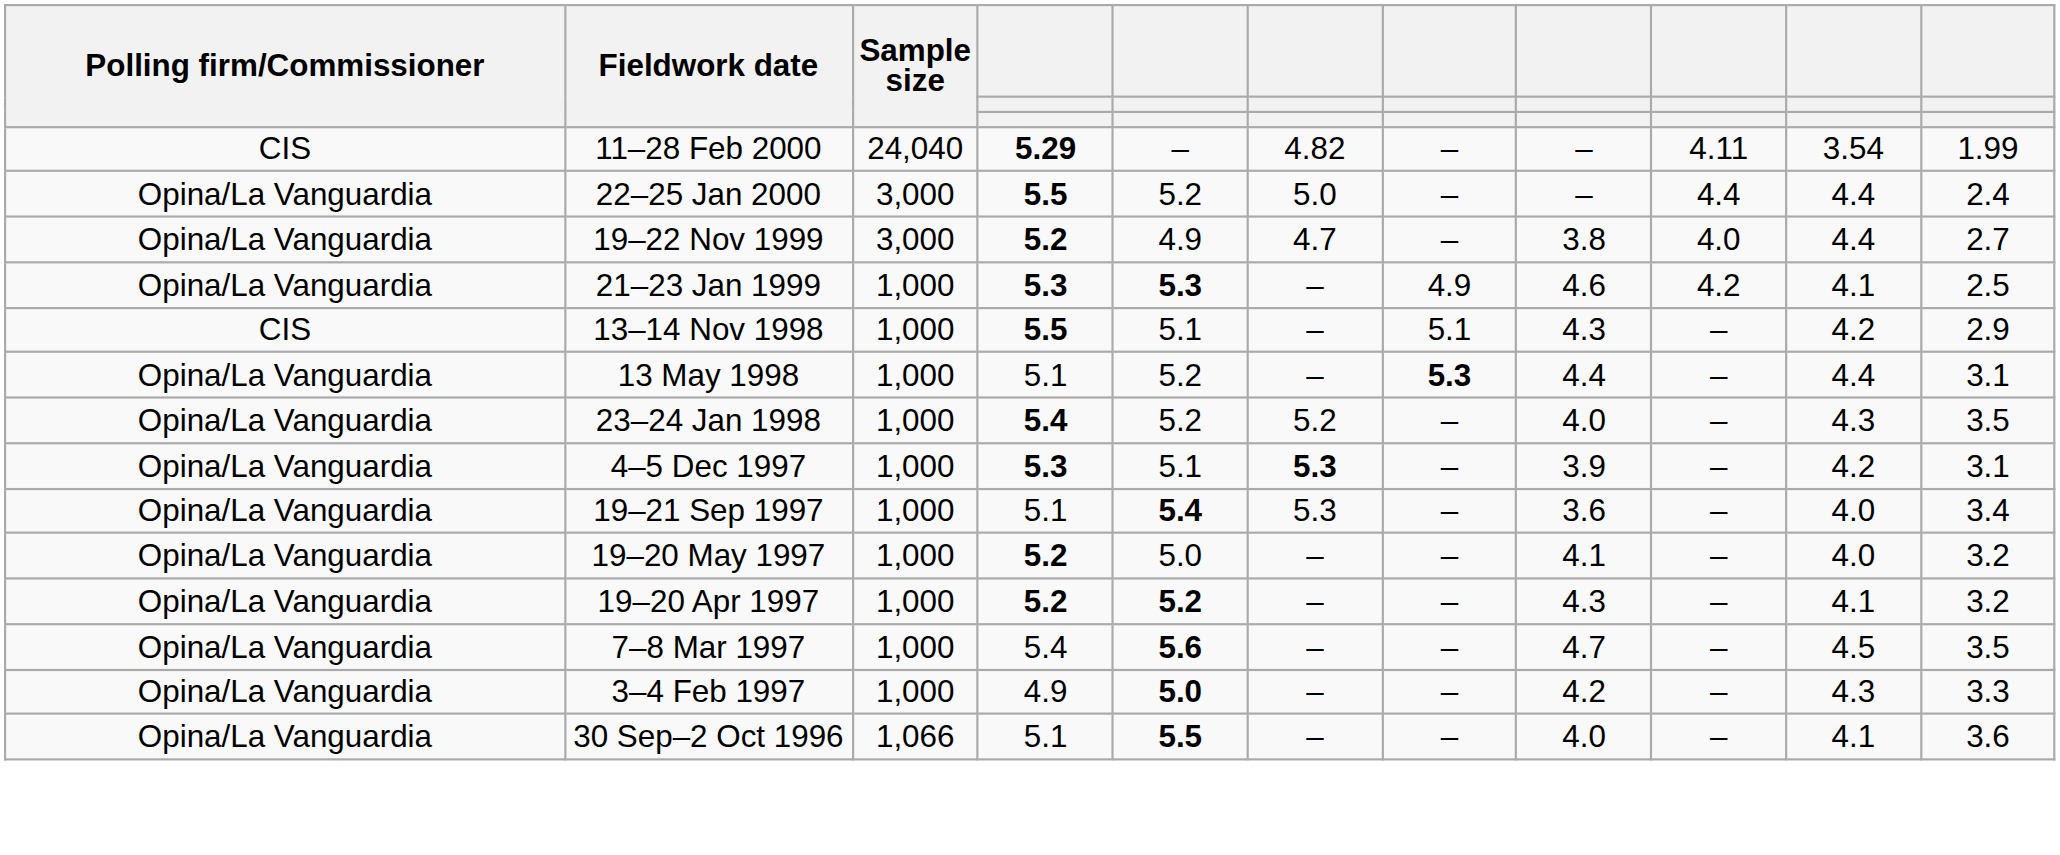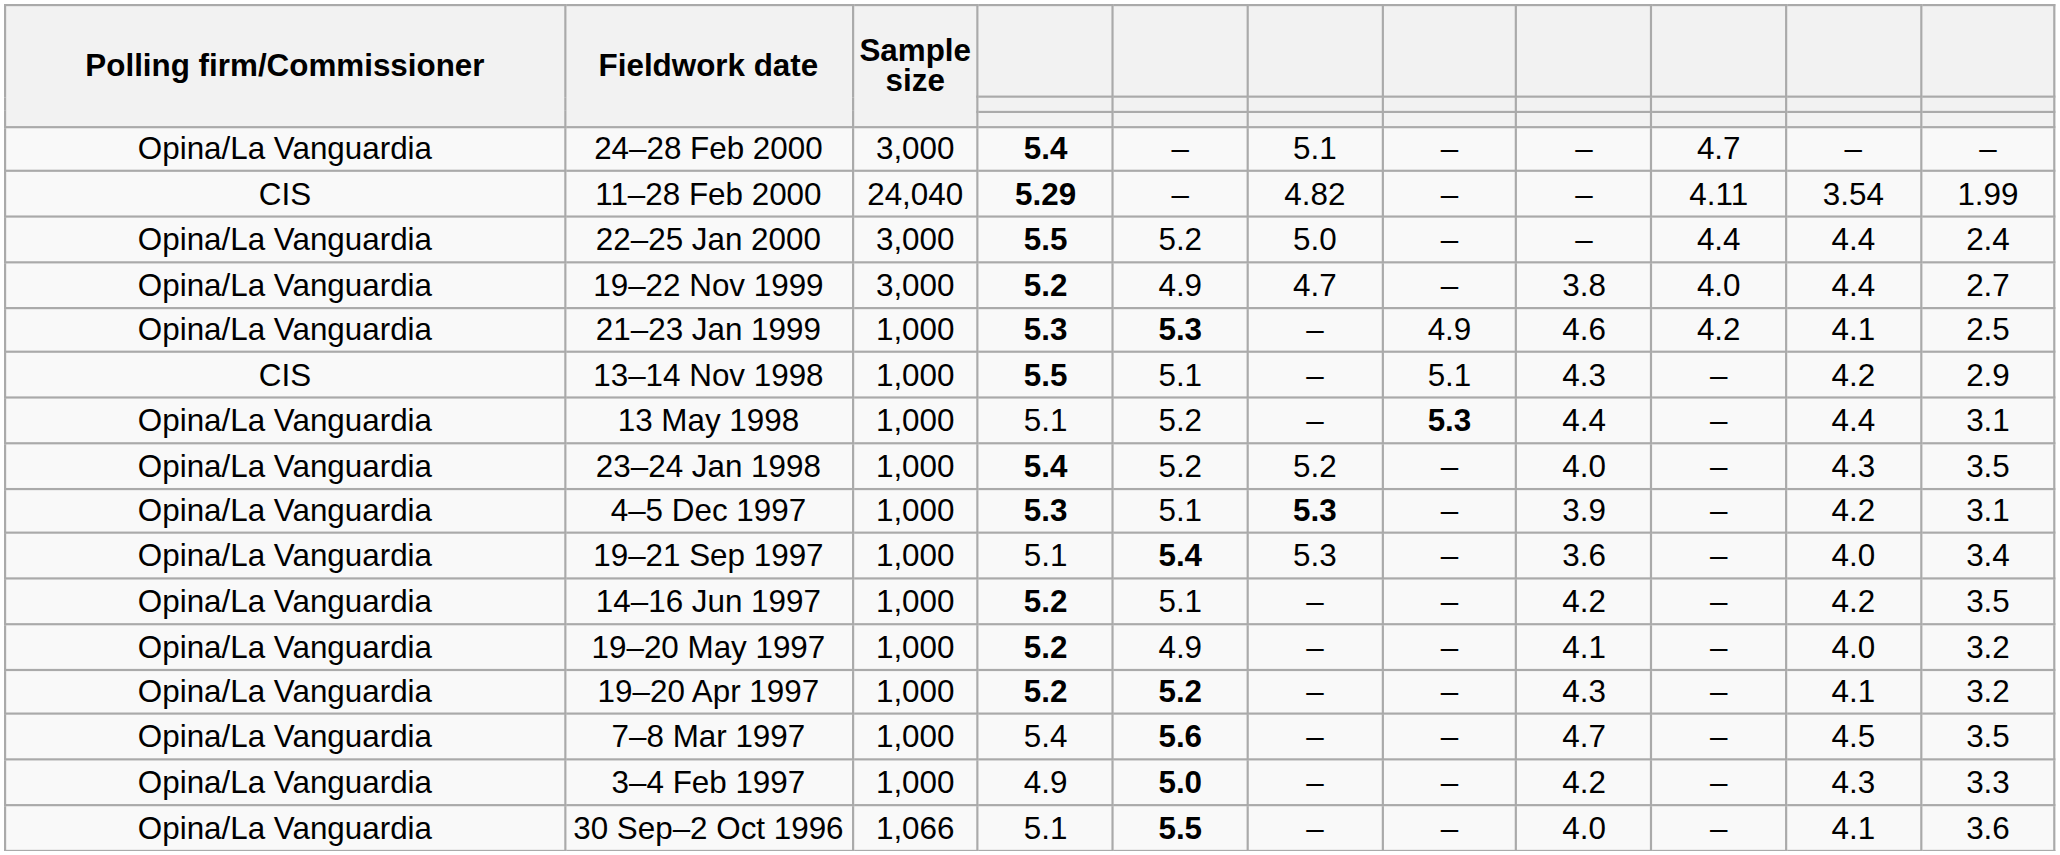 <table class="wikitable collapsible" style="text-align:center; font-size:90%; line-height:14px;">
 <tr style="height:42px;">
 <th style="width:250px;" rowspan="3">Polling firm/Commissioner</th>
 <th style="width:125px;" rowspan="3">Fieldwork date</th>
 <th style="width:50px;" rowspan="3">Sample size</th>
 <th style="width:55px;"></th>
 <th style="width:55px;"></th>
 <th style="width:55px;"></th>
 <th style="width:55px;"></th>
 <th style="width:55px;"></th>
 <th style="width:55px;"></th>
 <th style="width:55px;"></th>
 <th style="width:55px;"></th>
 </tr>
 <tr>
 <th style="color:inherit;background:"></th>
 <th style="color:inherit;background:"></th>
 <th style="color:inherit;background:"></th>
 <th style="color:inherit;background:"></th>
 <th style="color:inherit;background:"></th>
 <th style="color:inherit;background:"></th>
 <th style="color:inherit;background:"></th>
 <th style="color:inherit;background:"></th>
 </tr>
 <tr>
 <th></th>
 <th></th>
 <th></th>
 <th></th>
 <th></th>
 <th></th>
 <th></th>
 <th></th>
+</tr>
+<tr>
+<td>Opina/La Vanguardia</td>
+<td>24–28 Feb 2000</td>
+<td>3,000</td>
+<td><strong>5.4</strong></td>
+<td>–</td>
+<td>5.1</td>
+<td>–</td>
+<td>–</td>
+<td>4.7</td>
+<td>–</td>
+<td>–</td>
 </tr>
 <tr>
 <td>CIS</td>
 <td>11–28 Feb 2000</td>
 <td>24,040</td>
 <td><strong>5.29</strong></td>
 <td>–</td>
 <td>4.82</td>
 <td>–</td>
 <td>–</td>
 <td>4.11</td>
 <td>3.54</td>
 <td>1.99</td>
 </tr>
 <tr>
 <td>Opina/La Vanguardia</td>
 <td>22–25 Jan 2000</td>
 <td>3,000</td>
 <td><strong>5.5</strong></td>
 <td>5.2</td>
 <td>5.0</td>
 <td>–</td>
 <td>–</td>
 <td>4.4</td>
 <td>4.4</td>
 <td>2.4</td>
 </tr>
 <tr>
 <td>Opina/La Vanguardia</td>
 <td>19–22 Nov 1999</td>
 <td>3,000</td>
 <td><strong>5.2</strong></td>
 <td>4.9</td>
 <td>4.7</td>
 <td>–</td>
 <td>3.8</td>
 <td>4.0</td>
 <td>4.4</td>
 <td>2.7</td>
 </tr>
 <tr>
 <td>Opina/La Vanguardia</td>
 <td>21–23 Jan 1999</td>
 <td>1,000</td>
 <td><strong>5.3</strong></td>
 <td><strong>5.3</strong></td>
 <td>–</td>
 <td>4.9</td>
 <td>4.6</td>
 <td>4.2</td>
 <td>4.1</td>
 <td>2.5</td>
 </tr>
 <tr>
 <td>CIS</td>
 <td>13–14 Nov 1998</td>
 <td>1,000</td>
 <td><strong>5.5</strong></td>
 <td>5.1</td>
 <td>–</td>
 <td>5.1</td>
 <td>4.3</td>
 <td>–</td>
 <td>4.2</td>
 <td>2.9</td>
 </tr>
 <tr>
 <td>Opina/La Vanguardia</td>
 <td>13 May 1998</td>
 <td>1,000</td>
 <td>5.1</td>
 <td>5.2</td>
 <td>–</td>
 <td><strong>5.3</strong></td>
 <td>4.4</td>
 <td>–</td>
 <td>4.4</td>
 <td>3.1</td>
 </tr>
 <tr>
 <td>Opina/La Vanguardia</td>
 <td>23–24 Jan 1998</td>
 <td>1,000</td>
 <td><strong>5.4</strong></td>
 <td>5.2</td>
 <td>5.2</td>
 <td>–</td>
 <td>4.0</td>
 <td>–</td>
 <td>4.3</td>
 <td>3.5</td>
 </tr>
 <tr>
 <td>Opina/La Vanguardia</td>
 <td>4–5 Dec 1997</td>
 <td>1,000</td>
 <td><strong>5.3</strong></td>
 <td>5.1</td>
 <td><strong>5.3</strong></td>
 <td>–</td>
 <td>3.9</td>
 <td>–</td>
 <td>4.2</td>
 <td>3.1</td>
 </tr>
 <tr>
 <td>Opina/La Vanguardia</td>
 <td>19–21 Sep 1997</td>
 <td>1,000</td>
 <td>5.1</td>
 <td><strong>5.4</strong></td>
 <td>5.3</td>
 <td>–</td>
 <td>3.6</td>
 <td>–</td>
 <td>4.0</td>
 <td>3.4</td>
 </tr>
 <tr>
 <td>Opina/La Vanguardia</td>
+<td>14–16 Jun 1997</td>
+<td>1,000</td>
+<td><strong>5.2</strong></td>
+<td>5.1</td>
+<td>–</td>
+<td>–</td>
+<td>4.2</td>
+<td>–</td>
+<td>4.2</td>
+<td>3.5</td>
+</tr>
+<tr>
+<td>Opina/La Vanguardia</td>
 <td>19–20 May 1997</td>
 <td>1,000</td>
 <td><strong>5.2</strong></td>
-<td>5.0</td>
+<td>4.9</td>
 <td>–</td>
 <td>–</td>
 <td>4.1</td>
 <td>–</td>
 <td>4.0</td>
 <td>3.2</td>
 </tr>
 <tr>
 <td>Opina/La Vanguardia</td>
 <td>19–20 Apr 1997</td>
 <td>1,000</td>
 <td><strong>5.2</strong></td>
 <td><strong>5.2</strong></td>
 <td>–</td>
 <td>–</td>
 <td>4.3</td>
 <td>–</td>
 <td>4.1</td>
 <td>3.2</td>
 </tr>
 <tr>
 <td>Opina/La Vanguardia</td>
 <td>7–8 Mar 1997</td>
 <td>1,000</td>
 <td>5.4</td>
 <td><strong>5.6</strong></td>
 <td>–</td>
 <td>–</td>
 <td>4.7</td>
 <td>–</td>
 <td>4.5</td>
 <td>3.5</td>
 </tr>
 <tr>
 <td>Opina/La Vanguardia</td>
 <td>3–4 Feb 1997</td>
 <td>1,000</td>
 <td>4.9</td>
 <td><strong>5.0</strong></td>
 <td>–</td>
 <td>–</td>
 <td>4.2</td>
 <td>–</td>
 <td>4.3</td>
 <td>3.3</td>
 </tr>
 <tr>
 <td>Opina/La Vanguardia</td>
 <td>30 Sep–2 Oct 1996</td>
 <td>1,066</td>
 <td>5.1</td>
 <td><strong>5.5</strong></td>
 <td>–</td>
 <td>–</td>
 <td>4.0</td>
 <td>–</td>
 <td>4.1</td>
 <td>3.6</td>
 </tr>
 </table>
